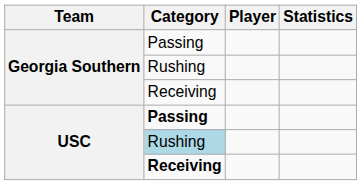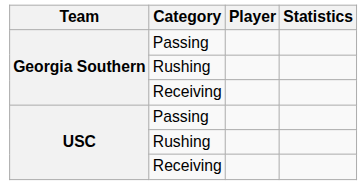 <table class="wikitable" style="float:right">
 <tr>
 <th>Team</th>
 <th>Category</th>
 <th>Player</th>
 <th>Statistics</th>
 </tr>
 <tr>
 <th rowspan=3>Georgia Southern</th>
 <td>Passing</td>
 <td></td>
 <td></td>
 </tr>
 <tr>
 <td>Rushing</td>
 <td></td>
 <td></td>
 </tr>
 <tr>
 <td>Receiving</td>
 <td></td>
 <td></td>
 </tr>
 <tr>
 <th rowspan=3>USC</th>
-<td><strong>Passing</strong></td>
+<td>Passing</td>
 <td></td>
 <td></td>
 </tr>
 <tr>
-<td style="background: lightblue;">Rushing</td>
+<td>Rushing</td>
 <td></td>
 <td></td>
 </tr>
 <tr>
-<td><strong>Receiving</strong></td>
+<td>Receiving</td>
 <td></td>
 <td></td>
 </tr>
 </table>
